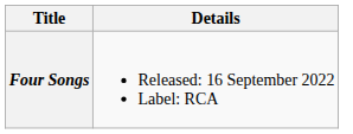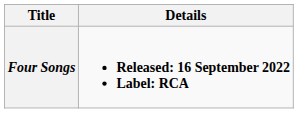 <table class="wikitable plainrowheaders">
 <tr>
 <th scope="col">Title</th>
 <th scope="col">Details</th>
 </tr>
 <tr>
 <th scope="row"><em>Four Songs</em></th>
-<td><br><ul><li>Released: 16 September 2022</li><li>Label: RCA</li></ul></td>
+<td><strong><br><ul><li>Released: 16 September 2022</li><li>Label: RCA</li></ul></strong></td>
 </tr>
 </table>
